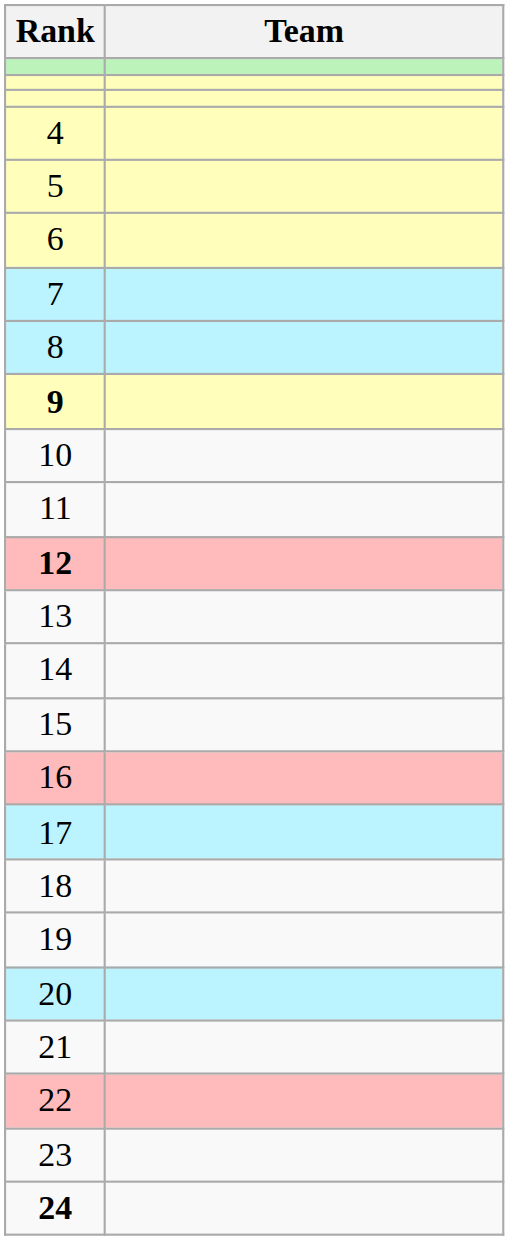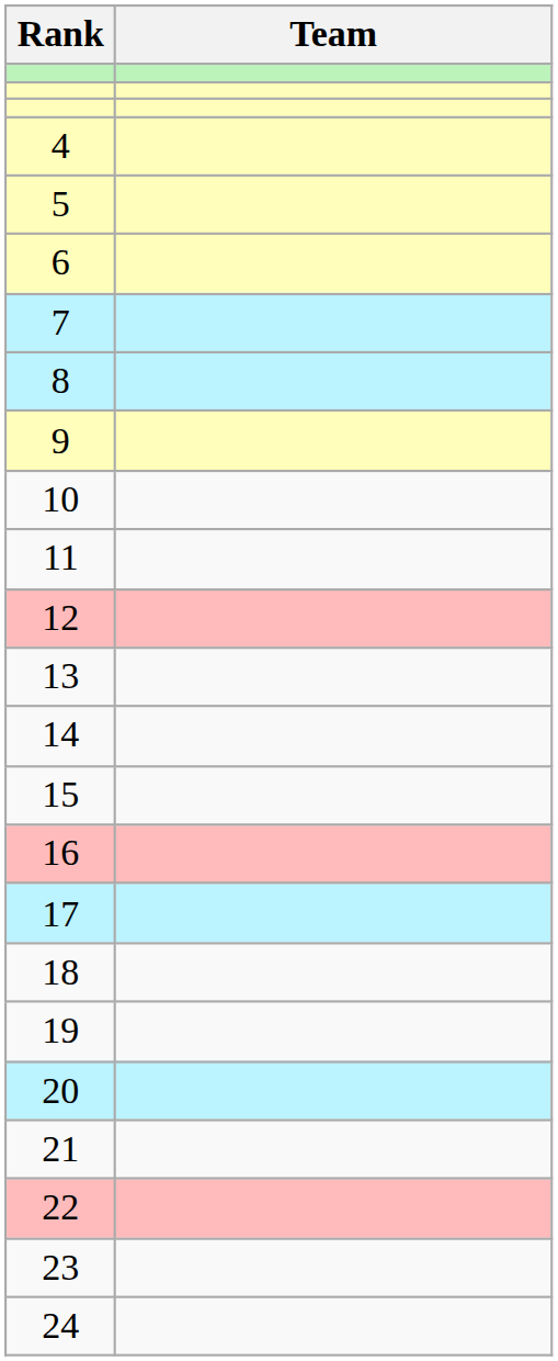 <table class="wikitable">
 <tr>
 <th style="width: 40px;">Rank</th>
 <th style="width: 180px;">Team</th>
 </tr>
 <tr bgcolor=#BBF3BB>
 <td style="text-align: center;"></td>
 <td></td>
 </tr>
 <tr bgcolor=#FFFFBB>
 <td style="text-align: center;"></td>
 <td></td>
 </tr>
 <tr bgcolor=#FFFFBB>
 <td style="text-align: center;"></td>
 <td></td>
 </tr>
 <tr bgcolor=#FFFFBB>
 <td style="text-align: center;">4</td>
 <td></td>
 </tr>
 <tr bgcolor=#FFFFBB>
 <td style="text-align: center;">5</td>
 <td></td>
 </tr>
 <tr bgcolor=#FFFFBB>
 <td style="text-align: center;">6</td>
 <td></td>
 </tr>
 <tr bgcolor=#BBF3FF>
 <td style="text-align: center;">7</td>
 <td></td>
 </tr>
 <tr bgcolor=#BBF3FF>
 <td style="text-align: center;">8</td>
 <td></td>
 </tr>
 <tr bgcolor=#FFFFBB>
-<td style="text-align: center;"><strong>9</strong></td>
+<td style="text-align: center;">9</td>
 <td></td>
 </tr>
 <tr>
 <td style="text-align: center;">10</td>
 <td></td>
 </tr>
 <tr>
 <td style="text-align: center;">11</td>
 <td></td>
 </tr>
 <tr bgcolor=#FFBBBB>
-<td style="text-align: center;"><strong>12</strong></td>
+<td style="text-align: center;">12</td>
 <td></td>
 </tr>
 <tr>
 <td style="text-align: center;">13</td>
 <td></td>
 </tr>
 <tr>
 <td style="text-align: center;">14</td>
 <td></td>
 </tr>
 <tr>
 <td style="text-align: center;">15</td>
 <td></td>
 </tr>
 <tr bgcolor=#FFBBBB>
 <td style="text-align: center;">16</td>
 <td></td>
 </tr>
 <tr bgcolor=#BBF3FF>
 <td style="text-align: center;">17</td>
 <td></td>
 </tr>
 <tr>
 <td style="text-align: center;">18</td>
 <td></td>
 </tr>
 <tr>
 <td style="text-align: center;">19</td>
 <td></td>
 </tr>
 <tr bgcolor=#BBF3FF>
 <td style="text-align: center;">20</td>
 <td></td>
 </tr>
 <tr>
 <td style="text-align: center;">21</td>
 <td></td>
 </tr>
 <tr bgcolor=#FFBBBB>
 <td style="text-align: center;">22</td>
 <td></td>
 </tr>
 <tr>
 <td style="text-align: center;">23</td>
 <td></td>
 </tr>
 <tr>
-<td style="text-align: center;"><strong>24</strong></td>
+<td style="text-align: center;">24</td>
 <td></td>
 </tr>
 </table>
